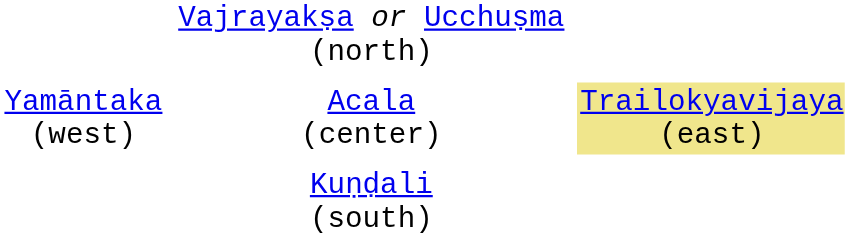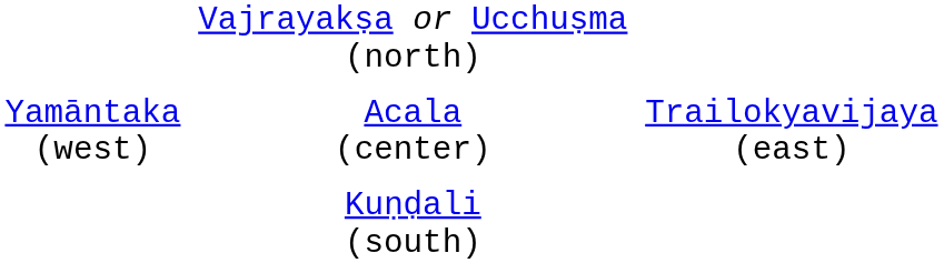 <table align="center" border="0" cellspacing="5">
 <tr>
 <td></td>
 <td align = "center"><a href='#'>Vajrayakṣa</a> <em>or</em> <a href='#'>Ucchuṣma</a><br>(north)</td>
 <td></td>
 </tr>
 <tr>
 <td align = "center"><a href='#'>Yamāntaka</a><br>(west)</td>
 <td align = "center"><a href='#'>Acala</a><br>(center)</td>
-<td align = "center" style="background: khaki;"><a href='#'>Trailokyavijaya</a><br>(east)</td>
+<td align = "center"><a href='#'>Trailokyavijaya</a><br>(east)</td>
 </tr>
 <tr>
 <td></td>
 <td align = "center"><a href='#'>Kuṇḍali</a><br>(south)</td>
 <td></td>
 </tr>
 </table>
